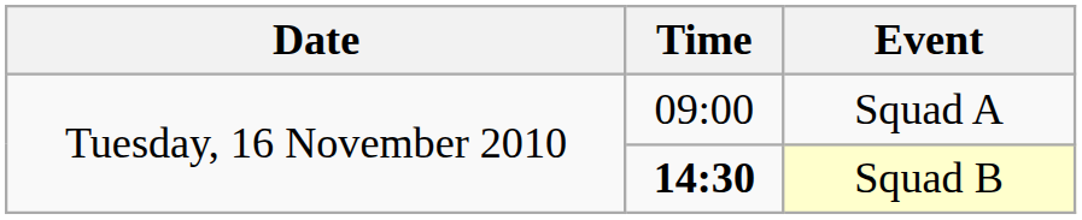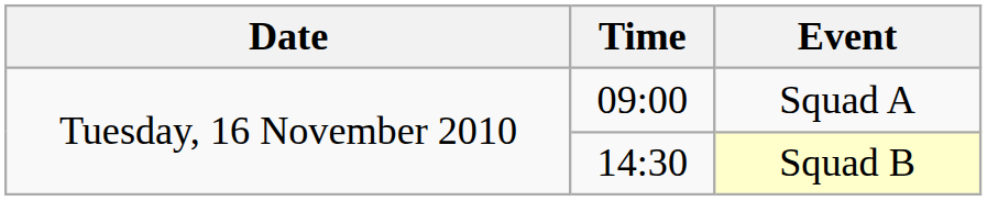 <table class = "wikitable" style="text-align:center;">
 <tr>
 <th width=220>Date</th>
 <th width=50>Time</th>
 <th width=100>Event</th>
 </tr>
 <tr>
 <td rowspan=2>Tuesday, 16 November 2010</td>
 <td>09:00</td>
 <td>Squad A</td>
 </tr>
 <tr>
-<td><strong>14:30</strong></td>
+<td>14:30</td>
 <td bgcolor=ffffcc>Squad B</td>
 </tr>
 </table>
